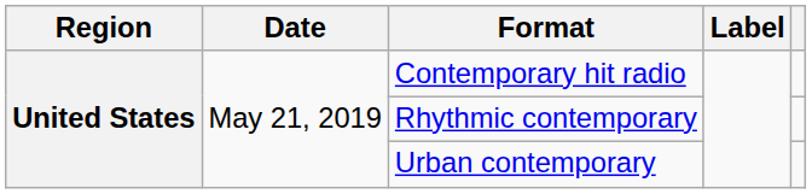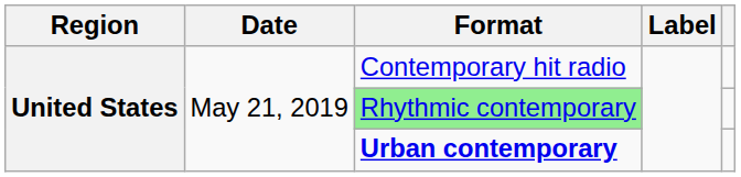 <table class="wikitable plainrowheaders">
 <tr>
 <th>Region</th>
 <th>Date</th>
 <th>Format</th>
 <th>Label</th>
 <th></th>
 </tr>
 <tr>
 <th scope="row" rowspan="3">United States</th>
 <td rowspan="3">May 21, 2019</td>
 <td><a href='#'>Contemporary hit radio</a></td>
 <td rowspan="3"></td>
 <td></td>
 </tr>
 <tr>
-<td><a href='#'>Rhythmic contemporary</a></td>
+<td style="background: lightgreen;"><a href='#'>Rhythmic contemporary</a></td>
 <td></td>
 </tr>
 <tr>
-<td><a href='#'>Urban contemporary</a></td>
+<td><strong><a href='#'>Urban contemporary</a></strong></td>
 <td></td>
 </tr>
 </table>
